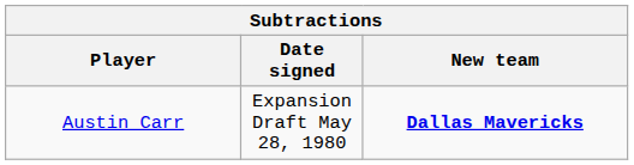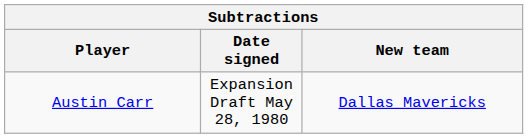 <table class="wikitable" style="text-align:center">
 <tr>
 <th colspan=3>Subtractions</th>
 </tr>
 <tr>
 <th style="width:160px">Player</th>
 <th style="width:80px">Date signed</th>
 <th style="width:180px">New team</th>
 </tr>
 <tr>
 <td><a href='#'>Austin Carr</a></td>
 <td>Expansion Draft May 28, 1980</td>
-<td><strong><a href='#'>Dallas Mavericks</a></strong></td>
+<td><a href='#'>Dallas Mavericks</a></td>
 </tr>
 </table>
